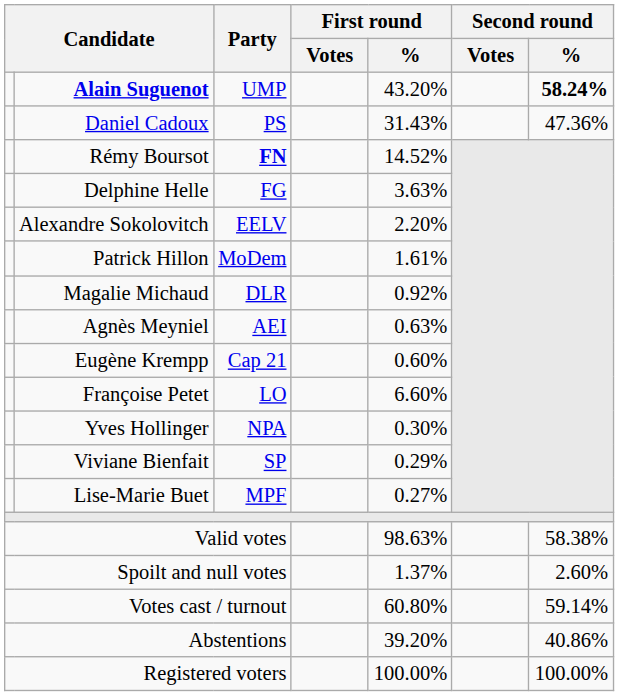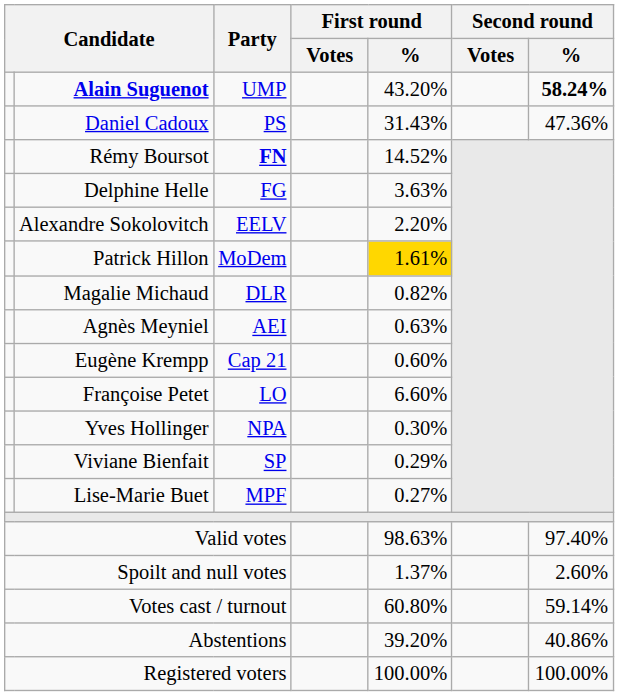 <table class="wikitable" style="text-align:right;font-size:95%;">
 <tr>
 <th rowspan=2 colspan=2>Candidate</th>
 <th rowspan=2 colspan=1>Party</th>
 <th colspan=2>First round</th>
 <th colspan=2>Second round</th>
 </tr>
 <tr>
 <th style="width:50px;">Votes</th>
 <th style="width:55px;">%</th>
 <th style="width:50px;">Votes</th>
 <th style="width:55px;">%</th>
 </tr>
 <tr>
 <td style="color:inherit;background-color:"></td>
 <td><strong><a href='#'>Alain Suguenot</a></strong></td>
 <td><a href='#'>UMP</a></td>
 <td></td>
 <td>43.20%</td>
 <td><strong></strong></td>
 <td><strong>58.24%</strong></td>
 </tr>
 <tr>
 <td style="color:inherit;background-color:"></td>
 <td><a href='#'>Daniel Cadoux</a></td>
 <td><a href='#'>PS</a></td>
 <td></td>
 <td>31.43%</td>
 <td></td>
 <td>47.36%</td>
 </tr>
 <tr>
 <td style="color:inherit;background-color:"></td>
 <td>Rémy Boursot</td>
 <td><strong><a href='#'>FN</a></strong></td>
 <td></td>
 <td>14.52%</td>
 <td colspan=7 rowspan=11 style="background-color:#E9E9E9;"></td>
 </tr>
 <tr>
 <td style="color:inherit;background-color:"></td>
 <td>Delphine Helle</td>
 <td><a href='#'>FG</a></td>
 <td></td>
 <td>3.63%</td>
 </tr>
 <tr>
 <td style="color:inherit;background-color:"></td>
 <td>Alexandre Sokolovitch</td>
 <td><a href='#'>EELV</a></td>
 <td></td>
 <td>2.20%</td>
 </tr>
 <tr>
 <td style="color:inherit;background-color:"></td>
 <td>Patrick Hillon</td>
 <td><a href='#'>MoDem</a></td>
 <td></td>
-<td>1.61%</td>
+<td style="background: gold;">1.61%</td>
 </tr>
 <tr>
 <td style="color:inherit;background-color:"></td>
 <td>Magalie Michaud</td>
 <td><a href='#'>DLR</a></td>
 <td></td>
-<td>0.92%</td>
+<td>0.82%</td>
 </tr>
 <tr>
 <td style="color:inherit;background-color:"></td>
 <td>Agnès Meyniel</td>
 <td><a href='#'>AEI</a></td>
 <td></td>
 <td>0.63%</td>
 </tr>
 <tr>
 <td style="color:inherit;background-color:"></td>
 <td>Eugène Krempp</td>
 <td><a href='#'>Cap 21</a></td>
 <td></td>
 <td>0.60%</td>
 </tr>
 <tr>
 <td style="color:inherit;background-color:"></td>
 <td>Françoise Petet</td>
 <td><a href='#'>LO</a></td>
 <td></td>
 <td>6.60%</td>
 </tr>
 <tr>
 <td style="color:inherit;background-color:"></td>
 <td>Yves Hollinger</td>
 <td><a href='#'>NPA</a></td>
 <td></td>
 <td>0.30%</td>
 </tr>
 <tr>
 <td style="color:inherit;background-color:"></td>
 <td>Viviane Bienfait</td>
 <td><a href='#'>SP</a></td>
 <td></td>
 <td>0.29%</td>
 </tr>
 <tr>
 <td style="color:inherit;background-color:"></td>
 <td>Lise-Marie Buet</td>
 <td><a href='#'>MPF</a></td>
 <td></td>
 <td>0.27%</td>
 </tr>
 <tr>
 <td colspan=7 style="background-color:#E9E9E9;"></td>
 </tr>
 <tr>
 <td colspan=3>Valid votes</td>
 <td></td>
 <td>98.63%</td>
 <td></td>
-<td>58.38%</td>
+<td>97.40%</td>
 </tr>
 <tr>
 <td colspan=3>Spoilt and null votes</td>
 <td></td>
 <td>1.37%</td>
 <td></td>
 <td>2.60%</td>
 </tr>
 <tr>
 <td colspan=3>Votes cast / turnout</td>
 <td></td>
 <td>60.80%</td>
 <td></td>
 <td>59.14%</td>
 </tr>
 <tr>
 <td colspan=3>Abstentions</td>
 <td></td>
 <td>39.20%</td>
 <td></td>
 <td>40.86%</td>
 </tr>
 <tr>
 <td colspan=3>Registered voters</td>
 <td></td>
 <td>100.00%</td>
 <td></td>
 <td>100.00%</td>
 </tr>
 </table>
